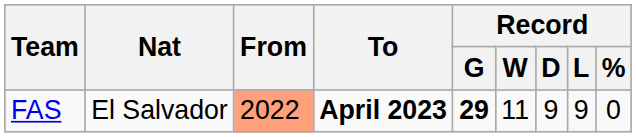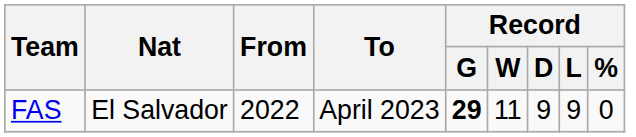 <table class="wikitable" style="text-align: center">
 <tr>
 <th rowspan="2">Team</th>
 <th rowspan="2">Nat</th>
 <th rowspan="2">From</th>
 <th rowspan="2">To</th>
 <th colspan="5">Record</th>
 </tr>
 <tr>
 <th>G</th>
 <th>W</th>
 <th>D</th>
 <th>L</th>
 <th>%</th>
 </tr>
 <tr>
 <td align=left><a href='#'>FAS</a></td>
 <td>El Salvador</td>
-<td align=left style="background: lightsalmon;">2022</td>
-<td align=left><strong>April 2023</strong></td>
+<td align=left>2022</td>
+<td align=left>April 2023</td>
 <td><strong>29</strong></td>
 <td>11</td>
 <td>9</td>
 <td>9</td>
 <td>0</td>
 </tr>
 </table>
